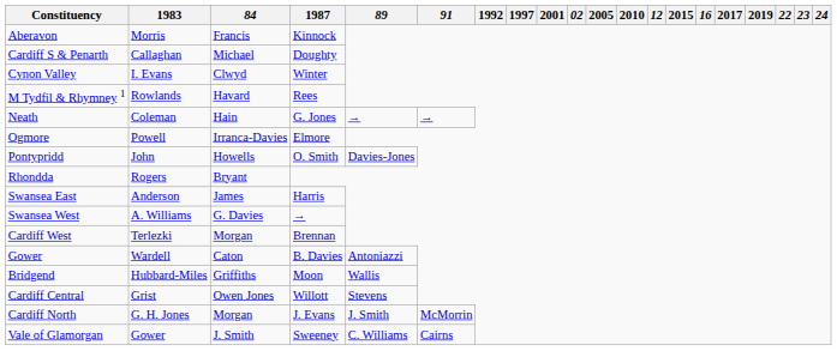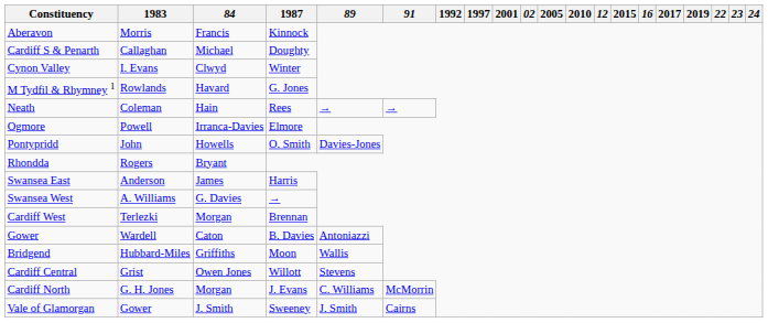 <table class="wikitable">
 <tr>
 <th>Constituency</th>
 <th>1983</th>
 <th><em>84</em></th>
 <th>1987</th>
 <th><em>89</em></th>
 <th><em>91</em></th>
 <th>1992</th>
 <th>1997</th>
 <th>2001</th>
 <th><em>02</em></th>
 <th>2005</th>
 <th>2010</th>
 <th><em>12</em></th>
 <th>2015</th>
 <th><em>16</em></th>
 <th>2017</th>
 <th>2019</th>
 <th><em>22</em></th>
 <th><em>23</em></th>
 <th><em>24</em></th>
 </tr>
 <tr>
 <td><a href='#'>Aberavon</a></td>
 <td><a href='#'>Morris</a></td>
 <td><a href='#'>Francis</a></td>
 <td><a href='#'>Kinnock</a></td>
 </tr>
 <tr>
 <td><a href='#'>Cardiff S & Penarth</a></td>
 <td><a href='#'>Callaghan</a></td>
 <td><a href='#'>Michael</a></td>
 <td><a href='#'>Doughty</a></td>
 </tr>
 <tr>
 <td><a href='#'>Cynon Valley</a></td>
 <td><a href='#'>I. Evans</a></td>
 <td><a href='#'>Clwyd</a></td>
 <td><a href='#'>Winter</a></td>
 </tr>
 <tr>
 <td><a href='#'>M Tydfil & Rhymney</a> <sup>1</sup></td>
 <td><a href='#'>Rowlands</a></td>
 <td><a href='#'>Havard</a></td>
-<td><a href='#'>Rees</a></td>
+<td><a href='#'>G. Jones</a></td>
 </tr>
 <tr>
 <td><a href='#'>Neath</a></td>
 <td><a href='#'>Coleman</a></td>
 <td><a href='#'>Hain</a></td>
-<td><a href='#'>G. Jones</a></td>
+<td><a href='#'>Rees</a></td>
 <td><a href='#'>→</a></td>
 <td><a href='#'>→</a></td>
 </tr>
 <tr>
 <td><a href='#'>Ogmore</a></td>
 <td><a href='#'>Powell</a></td>
 <td><a href='#'>Irranca-Davies</a></td>
 <td><a href='#'>Elmore</a></td>
 </tr>
 <tr>
 <td><a href='#'>Pontypridd</a></td>
 <td><a href='#'>John</a></td>
 <td><a href='#'>Howells</a></td>
 <td><a href='#'>O. Smith</a></td>
 <td><a href='#'>Davies-Jones</a></td>
 </tr>
 <tr>
 <td><a href='#'>Rhondda</a></td>
 <td><a href='#'>Rogers</a></td>
 <td><a href='#'>Bryant</a></td>
 </tr>
 <tr>
 <td><a href='#'>Swansea East</a></td>
 <td><a href='#'>Anderson</a></td>
 <td><a href='#'>James</a></td>
 <td><a href='#'>Harris</a></td>
 </tr>
 <tr>
 <td><a href='#'>Swansea West</a></td>
 <td><a href='#'>A. Williams</a></td>
 <td><a href='#'>G. Davies</a></td>
 <td><a href='#'>→</a></td>
 </tr>
 <tr>
 <td><a href='#'>Cardiff West</a></td>
 <td><a href='#'>Terlezki</a></td>
 <td><a href='#'>Morgan</a></td>
 <td><a href='#'>Brennan</a></td>
 </tr>
 <tr>
 <td><a href='#'>Gower</a></td>
 <td><a href='#'>Wardell</a></td>
 <td><a href='#'>Caton</a></td>
 <td><a href='#'>B. Davies</a></td>
 <td><a href='#'>Antoniazzi</a></td>
 </tr>
 <tr>
 <td><a href='#'>Bridgend</a></td>
 <td><a href='#'>Hubbard-Miles</a></td>
 <td><a href='#'>Griffiths</a></td>
 <td><a href='#'>Moon</a></td>
 <td><a href='#'>Wallis</a></td>
 </tr>
 <tr>
 <td><a href='#'>Cardiff Central</a></td>
 <td><a href='#'>Grist</a></td>
 <td><a href='#'>Owen Jones</a></td>
 <td><a href='#'>Willott</a></td>
 <td><a href='#'>Stevens</a></td>
 </tr>
 <tr>
 <td><a href='#'>Cardiff North</a></td>
 <td><a href='#'>G. H. Jones</a></td>
 <td><a href='#'>Morgan</a></td>
 <td><a href='#'>J. Evans</a></td>
-<td><a href='#'>J. Smith</a></td>
+<td><a href='#'>C. Williams</a></td>
 <td><a href='#'>McMorrin</a></td>
 </tr>
 <tr>
 <td><a href='#'>Vale of Glamorgan</a></td>
 <td><a href='#'>Gower</a></td>
 <td><a href='#'>J. Smith</a></td>
 <td><a href='#'>Sweeney</a></td>
-<td><a href='#'>C. Williams</a></td>
+<td><a href='#'>J. Smith</a></td>
 <td><a href='#'>Cairns</a></td>
 </tr>
 </table>
